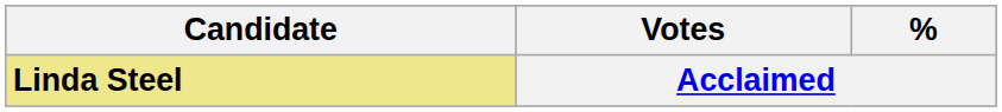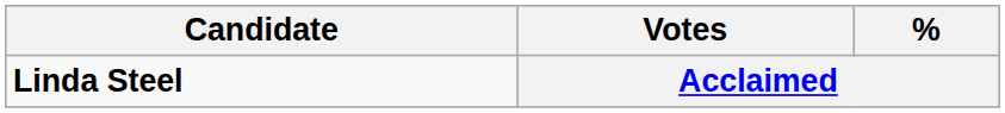 <table style="width:500px;" class="wikitable">
 <tr>
 <th align="center">Candidate</th>
 <th align="center">Votes</th>
 <th align="center">%</th>
 </tr>
 <tr>
-<td align="left" style="background: khaki;"><strong>Linda Steel</strong></td>
+<td align="left"><strong>Linda Steel</strong></td>
 <th colspan=2><a href='#'>Acclaimed</a></th>
 </tr>
 </table>
